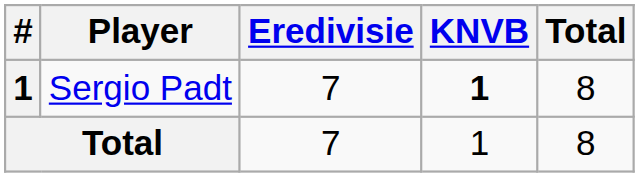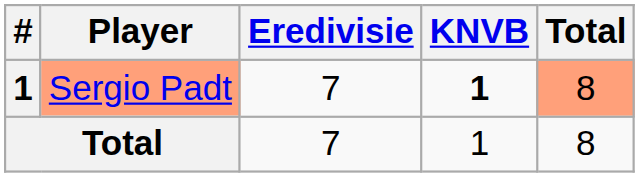 <table class="wikitable" style="text-align:center;">
 <tr>
 <th>#</th>
 <th>Player</th>
 <th><a href='#'>Eredivisie</a></th>
 <th><a href='#'>KNVB</a></th>
 <th>Total</th>
 </tr>
 <tr>
 <th>1</th>
-<td align="left"> <a href='#'>Sergio Padt</a></td>
+<td align="left" style="background: lightsalmon;"> <a href='#'>Sergio Padt</a></td>
 <td>7</td>
 <td><strong>1</strong></td>
-<td>8</td>
+<td style="background: lightsalmon;">8</td>
 </tr>
 <tr>
 <th colspan="2">Total</th>
 <td>7</td>
 <td>1</td>
 <td>8</td>
 </tr>
 </table>
